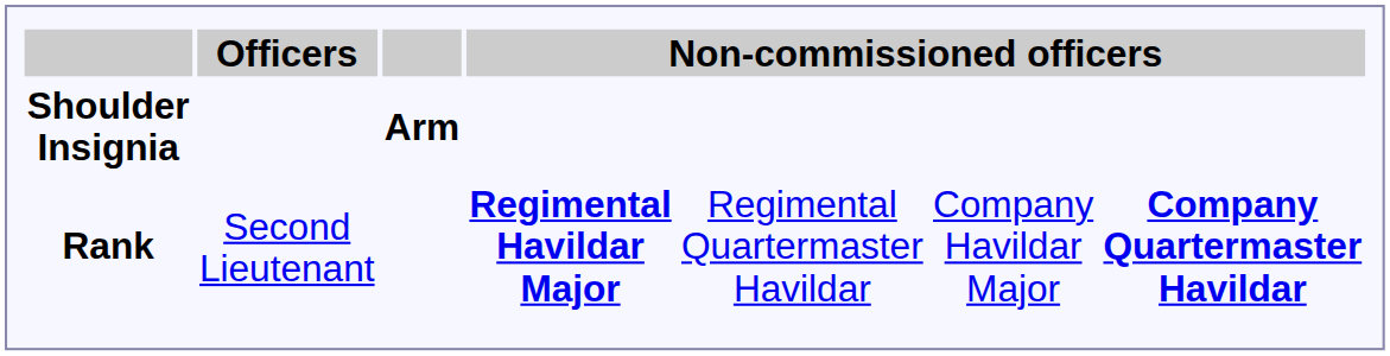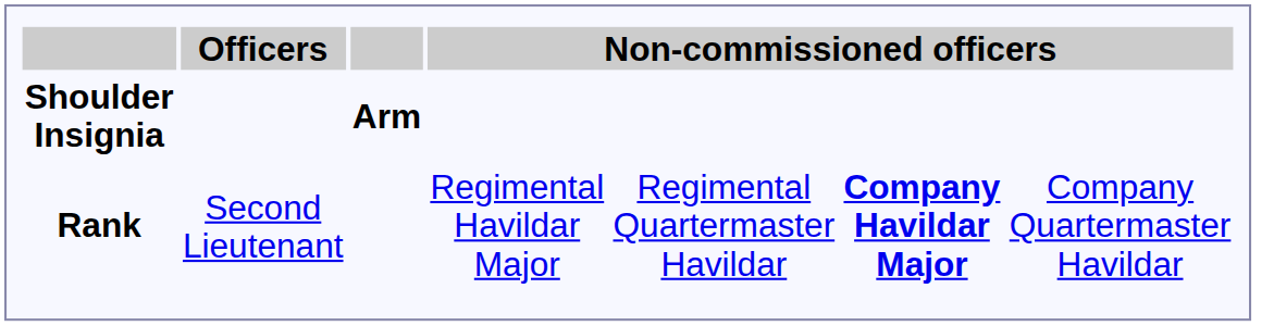 <table style="border:1px solid #8888aa; background-color:#f7f8ff; padding:5px; font-size:95%; margin: 0px 12px 12px 0px;">
 <tr align=center>
 </tr>
 <tr bgcolor="#CCCCCC">
 <th></th>
 <th colspan=1>Officers</th>
 <th></th>
 <th colspan=4>Non-commissioned officers</th>
 </tr>
 <tr align=center>
 <td><strong>Shoulder<br>Insignia</strong></td>
 <td></td>
 <td><strong>Arm</strong></td>
 <td></td>
 <td></td>
 <td></td>
 <td></td>
 </tr>
 <tr align=center>
 </tr>
 <tr align=center>
 <td><strong>Rank</strong></td>
 <td><a href='#'>Second<br>Lieutenant</a></td>
 <td></td>
-<td><strong><a href='#'>Regimental<br>Havildar<br>Major</a></strong></td>
+<td><a href='#'>Regimental<br>Havildar<br>Major</a></td>
 <td><a href='#'>Regimental<br>Quartermaster<br>Havildar</a></td>
-<td><a href='#'>Company<br>Havildar<br>Major</a></td>
-<td><strong><a href='#'>Company<br>Quartermaster<br>Havildar</a></strong></td>
+<td><strong><a href='#'>Company<br>Havildar<br>Major</a></strong></td>
+<td><a href='#'>Company<br>Quartermaster<br>Havildar</a></td>
 </tr>
 <tr align=center>
 <td colspan=8></td>
 </tr>
 <tr>
 <td colspan=5></td>
 </tr>
 </table>
